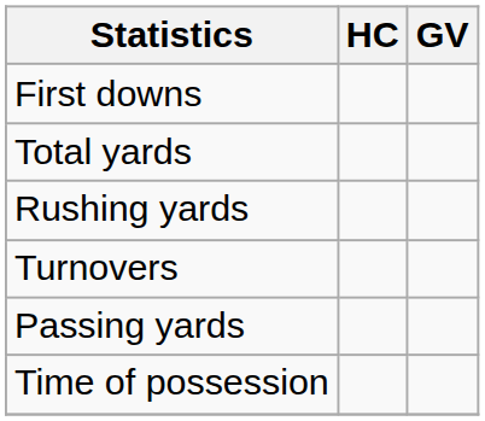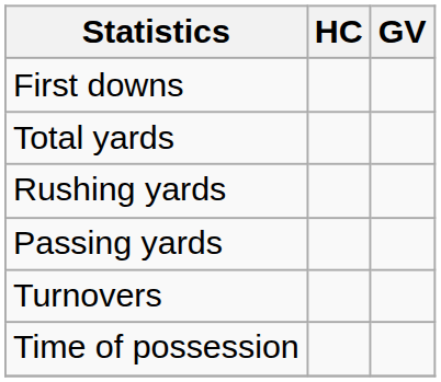 <table class="wikitable" style="float: left;">
 <tr>
 <th>Statistics</th>
 <th>HC</th>
 <th>GV</th>
 </tr>
 <tr>
 <td>First downs</td>
 <td></td>
 <td></td>
 </tr>
 <tr>
 <td>Total yards</td>
 <td></td>
 <td></td>
 </tr>
 <tr>
 <td>Rushing yards</td>
 <td></td>
 <td></td>
 </tr>
 <tr>
-<td>Turnovers</td>
+<td>Passing yards</td>
 <td></td>
 <td></td>
 </tr>
 <tr>
-<td>Passing yards</td>
+<td>Turnovers</td>
 <td></td>
 <td></td>
 </tr>
 <tr>
 <td>Time of possession</td>
 <td></td>
 <td></td>
 </tr>
 <tr>
 </tr>
 </table>
